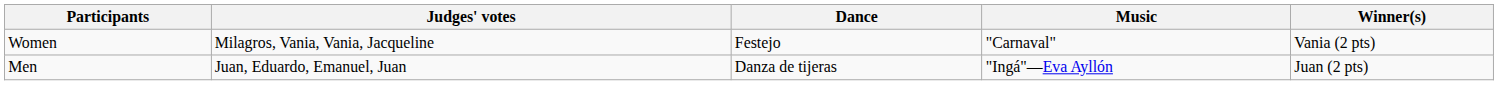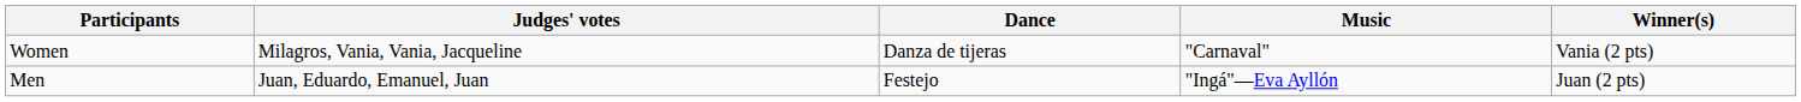 <table class="wikitable" style="width:95%; white-space:nowrap;">
 <tr>
 <th>Participants</th>
 <th>Judges' votes</th>
 <th>Dance</th>
 <th>Music</th>
 <th>Winner(s)</th>
 </tr>
 <tr>
 <td>Women</td>
 <td>Milagros, Vania, Vania, Jacqueline</td>
-<td>Festejo</td>
+<td>Danza de tijeras</td>
 <td>"Carnaval"</td>
 <td>Vania (2 pts)</td>
 </tr>
 <tr>
 <td>Men</td>
 <td>Juan, Eduardo, Emanuel, Juan</td>
-<td>Danza de tijeras</td>
+<td>Festejo</td>
 <td>"Ingá"—<a href='#'>Eva Ayllón</a></td>
 <td>Juan (2 pts)</td>
 </tr>
 </table>
